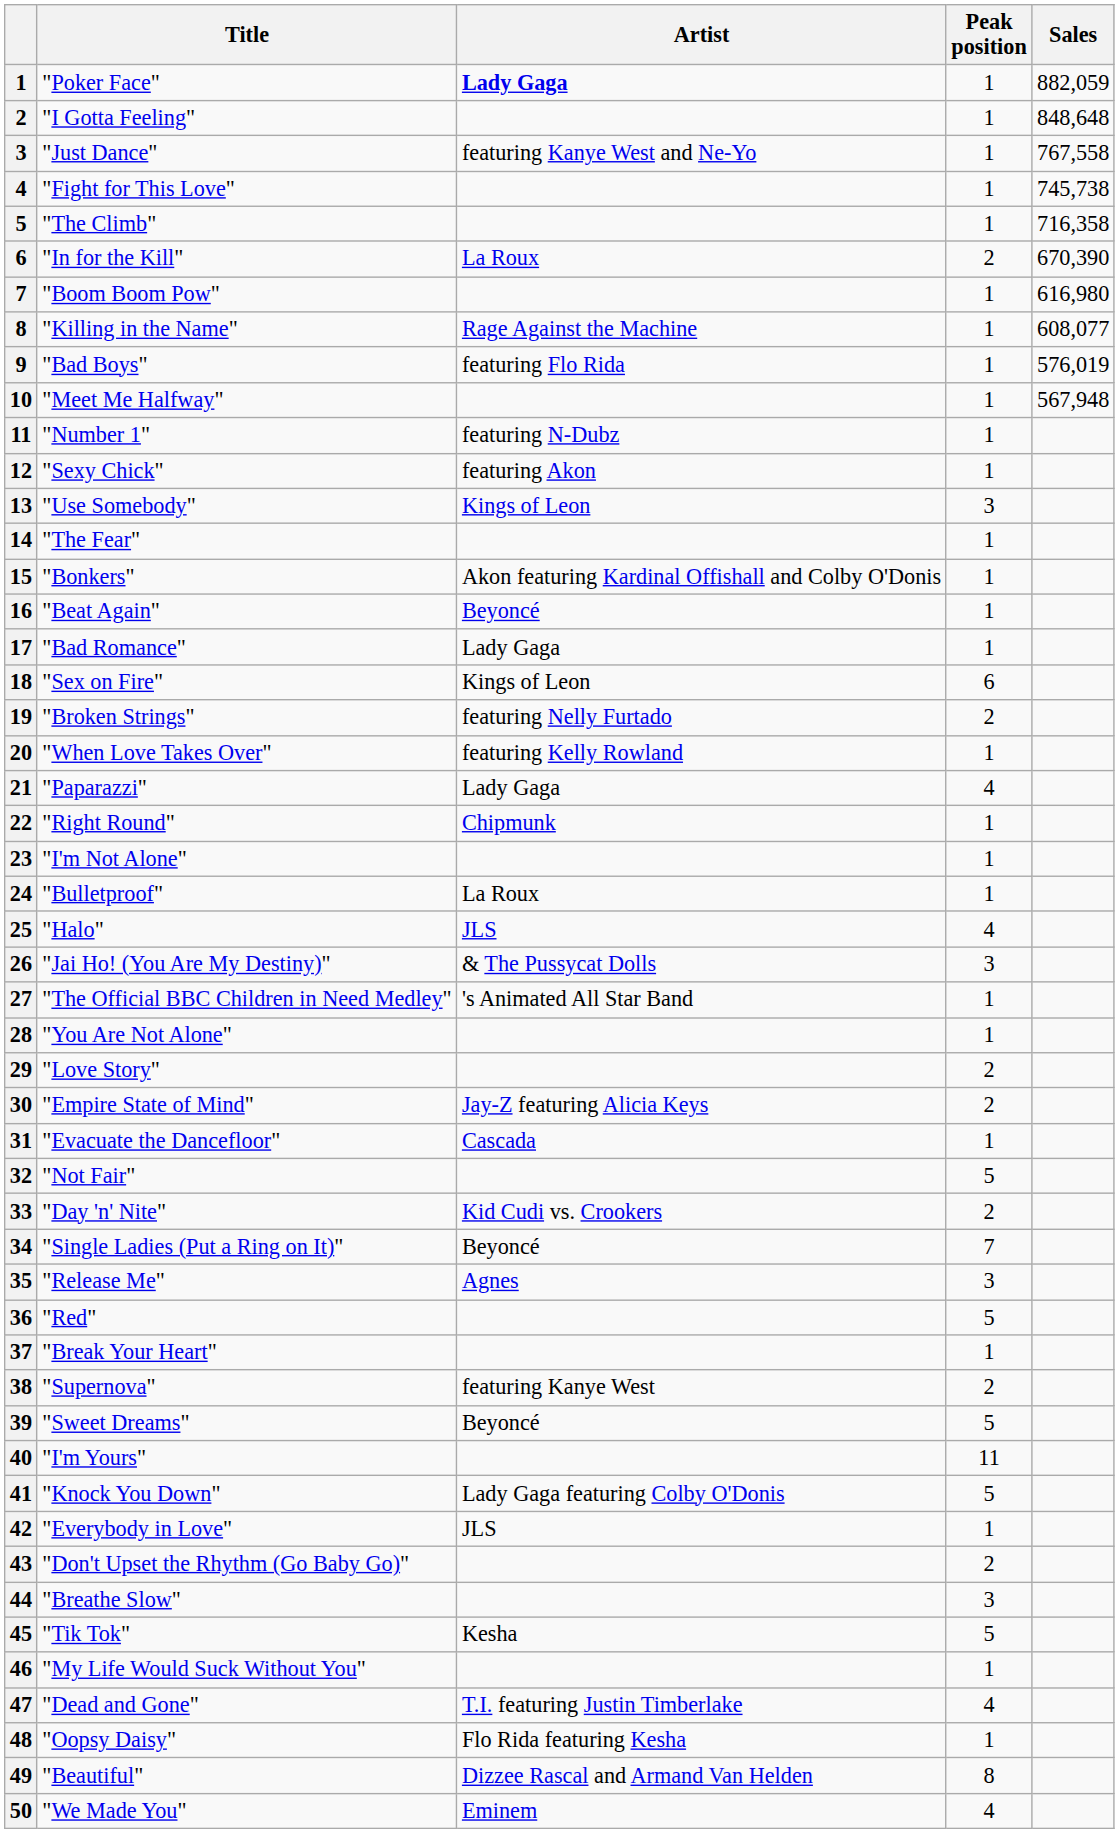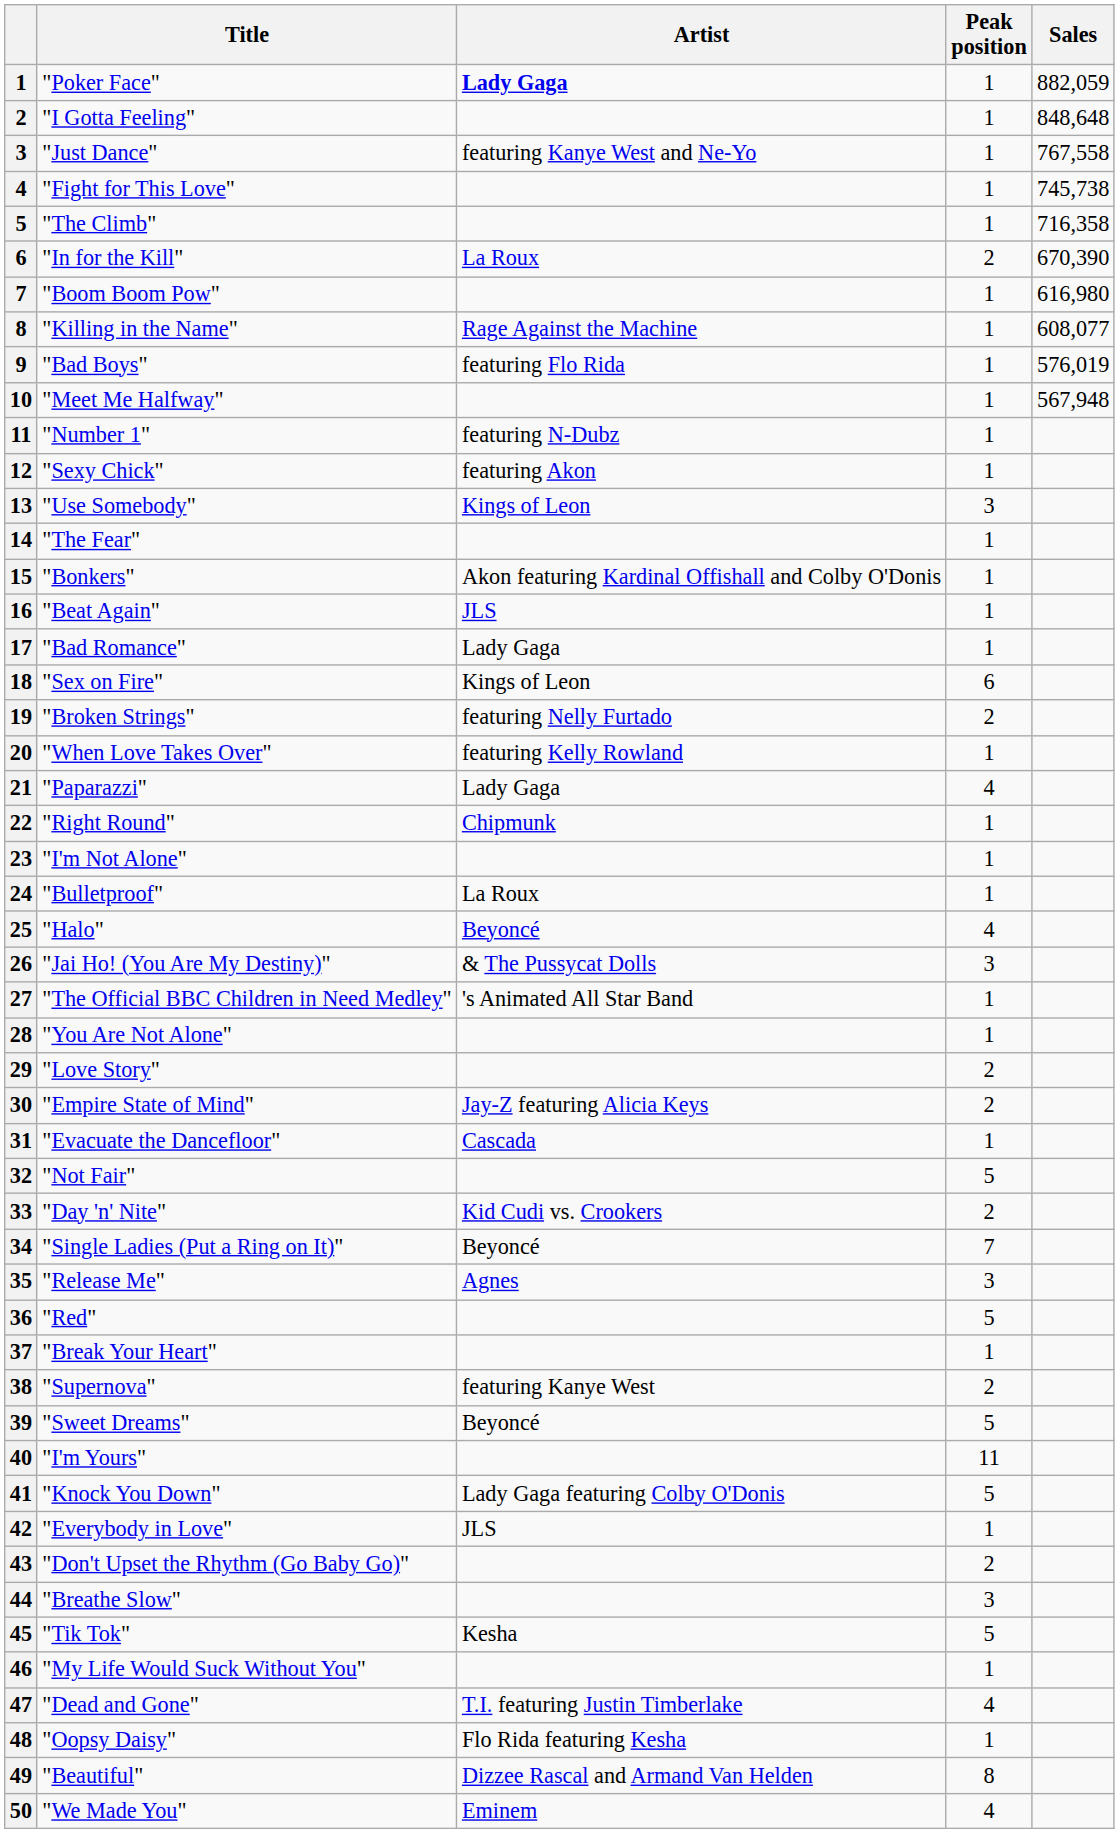 <table class="wikitable sortable plainrowheaders">
 <tr>
 <th scope=col></th>
 <th scope=col>Title</th>
 <th scope=col>Artist</th>
 <th scope=col>Peak<br>position</th>
 <th scope=col>Sales</th>
 </tr>
 <tr>
 <th scope=row style="text-align:center;">1</th>
 <td>"<a href='#'>Poker Face</a>"</td>
 <td><strong><a href='#'>Lady Gaga</a></strong></td>
 <td align="center">1</td>
 <td align="right">882,059</td>
 </tr>
 <tr>
 <th scope=row style="text-align:center;">2</th>
 <td>"<a href='#'>I Gotta Feeling</a>"</td>
 <td></td>
 <td align="center">1</td>
 <td align="right">848,648</td>
 </tr>
 <tr>
 <th scope=row style="text-align:center;">3</th>
 <td>"<a href='#'>Just Dance</a>"</td>
 <td> featuring <a href='#'>Kanye West</a> and <a href='#'>Ne-Yo</a></td>
 <td align="center">1</td>
 <td align="right">767,558</td>
 </tr>
 <tr>
 <th scope=row style="text-align:center;">4</th>
 <td>"<a href='#'>Fight for This Love</a>"</td>
 <td></td>
 <td align="center">1</td>
 <td align="right">745,738</td>
 </tr>
 <tr>
 <th scope=row style="text-align:center;">5</th>
 <td>"<a href='#'>The Climb</a>"</td>
 <td></td>
 <td align="center">1</td>
 <td align="right">716,358</td>
 </tr>
 <tr>
 <th scope=row style="text-align:center;">6</th>
 <td>"<a href='#'>In for the Kill</a>"</td>
 <td><a href='#'>La Roux</a></td>
 <td align="center">2</td>
 <td align="right">670,390</td>
 </tr>
 <tr>
 <th scope=row style="text-align:center;">7</th>
 <td>"<a href='#'>Boom Boom Pow</a>"</td>
 <td></td>
 <td align="center">1</td>
 <td align="right">616,980</td>
 </tr>
 <tr>
 <th scope=row style="text-align:center;">8</th>
 <td>"<a href='#'>Killing in the Name</a>"</td>
 <td><a href='#'>Rage Against the Machine</a></td>
 <td align="center">1</td>
 <td align="right">608,077</td>
 </tr>
 <tr>
 <th scope=row style="text-align:center;">9</th>
 <td>"<a href='#'>Bad Boys</a>"</td>
 <td> featuring <a href='#'>Flo Rida</a></td>
 <td align="center">1</td>
 <td align="right">576,019</td>
 </tr>
 <tr>
 <th scope=row style="text-align:center;">10</th>
 <td>"<a href='#'>Meet Me Halfway</a>"</td>
 <td></td>
 <td align="center">1</td>
 <td align="right">567,948</td>
 </tr>
 <tr>
 <th scope=row style="text-align:center;">11</th>
 <td>"<a href='#'>Number 1</a>"</td>
 <td> featuring <a href='#'>N-Dubz</a></td>
 <td align="center">1</td>
 <td></td>
 </tr>
 <tr>
 <th scope=row style="text-align:center;">12</th>
 <td>"<a href='#'>Sexy Chick</a>"</td>
 <td> featuring <a href='#'>Akon</a></td>
 <td align="center">1</td>
 <td></td>
 </tr>
 <tr>
 <th scope=row style="text-align:center;">13</th>
 <td>"<a href='#'>Use Somebody</a>"</td>
 <td><a href='#'>Kings of Leon</a></td>
 <td align="center">3</td>
 <td></td>
 </tr>
 <tr>
 <th scope=row style="text-align:center;">14</th>
 <td>"<a href='#'>The Fear</a>"</td>
 <td></td>
 <td align="center">1</td>
 <td></td>
 </tr>
 <tr>
 <th scope=row style="text-align:center;">15</th>
 <td>"<a href='#'>Bonkers</a>"</td>
 <td>Akon featuring <a href='#'>Kardinal Offishall</a> and Colby O'Donis</td>
 <td align="center">1</td>
 <td></td>
 </tr>
 <tr>
 <th scope=row style="text-align:center;">16</th>
 <td>"<a href='#'>Beat Again</a>"</td>
-<td><a href='#'>Beyoncé</a></td>
+<td><a href='#'>JLS</a></td>
 <td align="center">1</td>
 <td></td>
 </tr>
 <tr>
 <th scope=row style="text-align:center;">17</th>
 <td>"<a href='#'>Bad Romance</a>"</td>
 <td>Lady Gaga</td>
 <td align="center">1</td>
 <td></td>
 </tr>
 <tr>
 <th scope=row style="text-align:center;">18</th>
 <td>"<a href='#'>Sex on Fire</a>"</td>
 <td>Kings of Leon</td>
 <td align="center">6</td>
 <td></td>
 </tr>
 <tr>
 <th scope=row style="text-align:center;">19</th>
 <td>"<a href='#'>Broken Strings</a>"</td>
 <td> featuring <a href='#'>Nelly Furtado</a></td>
 <td align="center">2</td>
 <td></td>
 </tr>
 <tr>
 <th scope=row style="text-align:center;">20</th>
 <td>"<a href='#'>When Love Takes Over</a>"</td>
 <td> featuring <a href='#'>Kelly Rowland</a></td>
 <td align="center">1</td>
 <td></td>
 </tr>
 <tr>
 <th scope=row style="text-align:center;">21</th>
 <td>"<a href='#'>Paparazzi</a>"</td>
 <td>Lady Gaga</td>
 <td align="center">4</td>
 <td></td>
 </tr>
 <tr>
 <th scope=row style="text-align:center;">22</th>
 <td>"<a href='#'>Right Round</a>"</td>
 <td><a href='#'>Chipmunk</a></td>
 <td align="center">1</td>
 <td></td>
 </tr>
 <tr>
 <th scope=row style="text-align:center;">23</th>
 <td>"<a href='#'>I'm Not Alone</a>"</td>
 <td></td>
 <td align="center">1</td>
 <td></td>
 </tr>
 <tr>
 <th scope=row style="text-align:center;">24</th>
 <td>"<a href='#'>Bulletproof</a>"</td>
 <td>La Roux</td>
 <td align="center">1</td>
 <td></td>
 </tr>
 <tr>
 <th scope=row style="text-align:center;">25</th>
 <td>"<a href='#'>Halo</a>"</td>
-<td><a href='#'>JLS</a></td>
+<td><a href='#'>Beyoncé</a></td>
 <td align="center">4</td>
 <td></td>
 </tr>
 <tr>
 <th scope=row style="text-align:center;">26</th>
 <td>"<a href='#'>Jai Ho! (You Are My Destiny)</a>"</td>
 <td> & <a href='#'>The Pussycat Dolls</a></td>
 <td align="center">3</td>
 <td></td>
 </tr>
 <tr>
 <th scope=row style="text-align:center;">27</th>
 <td>"<a href='#'>The Official BBC Children in Need Medley</a>"</td>
 <td>'s Animated All Star Band</td>
 <td align="center">1</td>
 <td></td>
 </tr>
 <tr>
 <th scope=row style="text-align:center;">28</th>
 <td>"<a href='#'>You Are Not Alone</a>"</td>
 <td></td>
 <td align="center">1</td>
 <td></td>
 </tr>
 <tr>
 <th scope=row style="text-align:center;">29</th>
 <td>"<a href='#'>Love Story</a>"</td>
 <td></td>
 <td align="center">2</td>
 <td></td>
 </tr>
 <tr>
 <th scope=row style="text-align:center;">30</th>
 <td>"<a href='#'>Empire State of Mind</a>"</td>
 <td><a href='#'>Jay-Z</a> featuring <a href='#'>Alicia Keys</a></td>
 <td align="center">2</td>
 <td></td>
 </tr>
 <tr>
 <th scope=row style="text-align:center;">31</th>
 <td>"<a href='#'>Evacuate the Dancefloor</a>"</td>
 <td><a href='#'>Cascada</a></td>
 <td align="center">1</td>
 <td></td>
 </tr>
 <tr>
 <th scope=row style="text-align:center;">32</th>
 <td>"<a href='#'>Not Fair</a>"</td>
 <td></td>
 <td align="center">5</td>
 <td></td>
 </tr>
 <tr>
 <th scope=row style="text-align:center;">33</th>
 <td>"<a href='#'>Day 'n' Nite</a>"</td>
 <td><a href='#'>Kid Cudi</a> vs. <a href='#'>Crookers</a></td>
 <td align="center">2</td>
 <td></td>
 </tr>
 <tr>
 <th scope=row style="text-align:center;">34</th>
 <td>"<a href='#'>Single Ladies (Put a Ring on It)</a>"</td>
 <td>Beyoncé</td>
 <td align="center">7</td>
 <td></td>
 </tr>
 <tr>
 <th scope=row style="text-align:center;">35</th>
 <td>"<a href='#'>Release Me</a>"</td>
 <td><a href='#'>Agnes</a></td>
 <td align="center">3</td>
 <td></td>
 </tr>
 <tr>
 <th scope=row style="text-align:center;">36</th>
 <td>"<a href='#'>Red</a>"</td>
 <td></td>
 <td align="center">5</td>
 <td></td>
 </tr>
 <tr>
 <th scope=row style="text-align:center;">37</th>
 <td>"<a href='#'>Break Your Heart</a>"</td>
 <td></td>
 <td align="center">1</td>
 <td></td>
 </tr>
 <tr>
 <th scope=row style="text-align:center;">38</th>
 <td>"<a href='#'>Supernova</a>"</td>
 <td> featuring Kanye West</td>
 <td align="center">2</td>
 <td></td>
 </tr>
 <tr>
 <th scope=row style="text-align:center;">39</th>
 <td>"<a href='#'>Sweet Dreams</a>"</td>
 <td>Beyoncé</td>
 <td align="center">5</td>
 <td></td>
 </tr>
 <tr>
 <th scope=row style="text-align:center;">40</th>
 <td>"<a href='#'>I'm Yours</a>"</td>
 <td></td>
 <td align="center">11</td>
 <td></td>
 </tr>
 <tr>
 <th scope=row style="text-align:center;">41</th>
 <td>"<a href='#'>Knock You Down</a>"</td>
 <td>Lady Gaga featuring <a href='#'>Colby O'Donis</a></td>
 <td align="center">5</td>
 <td></td>
 </tr>
 <tr>
 <th scope=row style="text-align:center;">42</th>
 <td>"<a href='#'>Everybody in Love</a>"</td>
 <td>JLS</td>
 <td align="center">1</td>
 <td></td>
 </tr>
 <tr>
 <th scope=row style="text-align:center;">43</th>
 <td>"<a href='#'>Don't Upset the Rhythm (Go Baby Go)</a>"</td>
 <td></td>
 <td align="center">2</td>
 <td></td>
 </tr>
 <tr>
 <th scope=row style="text-align:center;">44</th>
 <td>"<a href='#'>Breathe Slow</a>"</td>
 <td></td>
 <td align="center">3</td>
 <td></td>
 </tr>
 <tr>
 <th scope=row style="text-align:center;">45</th>
 <td>"<a href='#'>Tik Tok</a>"</td>
 <td>Kesha</td>
 <td align="center">5</td>
 <td></td>
 </tr>
 <tr>
 <th scope=row style="text-align:center;">46</th>
 <td>"<a href='#'>My Life Would Suck Without You</a>"</td>
 <td></td>
 <td align="center">1</td>
 <td></td>
 </tr>
 <tr>
 <th scope=row style="text-align:center;">47</th>
 <td>"<a href='#'>Dead and Gone</a>"</td>
 <td><a href='#'>T.I.</a> featuring <a href='#'>Justin Timberlake</a></td>
 <td align="center">4</td>
 <td></td>
 </tr>
 <tr>
 <th scope=row style="text-align:center;">48</th>
 <td>"<a href='#'>Oopsy Daisy</a>"</td>
 <td>Flo Rida featuring <a href='#'>Kesha</a></td>
 <td align="center">1</td>
 <td></td>
 </tr>
 <tr>
 <th scope=row style="text-align:center;">49</th>
 <td>"<a href='#'>Beautiful</a>"</td>
 <td><a href='#'>Dizzee Rascal</a> and <a href='#'>Armand Van Helden</a></td>
 <td align="center">8</td>
 <td></td>
 </tr>
 <tr>
 <th scope=row style="text-align:center;">50</th>
 <td>"<a href='#'>We Made You</a>"</td>
 <td><a href='#'>Eminem</a></td>
 <td align="center">4</td>
 <td></td>
 </tr>
 </table>
